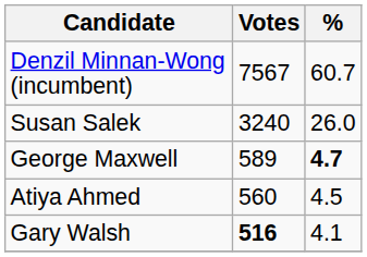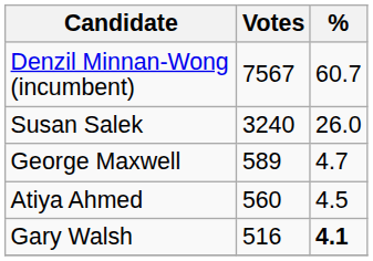 <table class="wikitable">
 <tr>
 <th bgcolor="#DDDDFF" width="150px">Candidate</th>
 <th bgcolor="#DDDDFF">Votes</th>
 <th bgcolor="#DDDDFF">%</th>
 </tr>
 <tr>
 <td><a href='#'>Denzil Minnan-Wong</a> (incumbent)</td>
 <td>7567</td>
 <td>60.7</td>
 </tr>
 <tr>
 <td>Susan Salek</td>
 <td>3240</td>
 <td>26.0</td>
 </tr>
 <tr>
 <td>George Maxwell</td>
 <td>589</td>
-<td><strong>4.7</strong></td>
+<td>4.7</td>
 </tr>
 <tr>
 <td>Atiya Ahmed</td>
 <td>560</td>
 <td>4.5</td>
 </tr>
 <tr>
 <td>Gary Walsh</td>
-<td><strong>516</strong></td>
-<td>4.1</td>
+<td>516</td>
+<td><strong>4.1</strong></td>
 </tr>
 <tr>
 </tr>
 </table>
